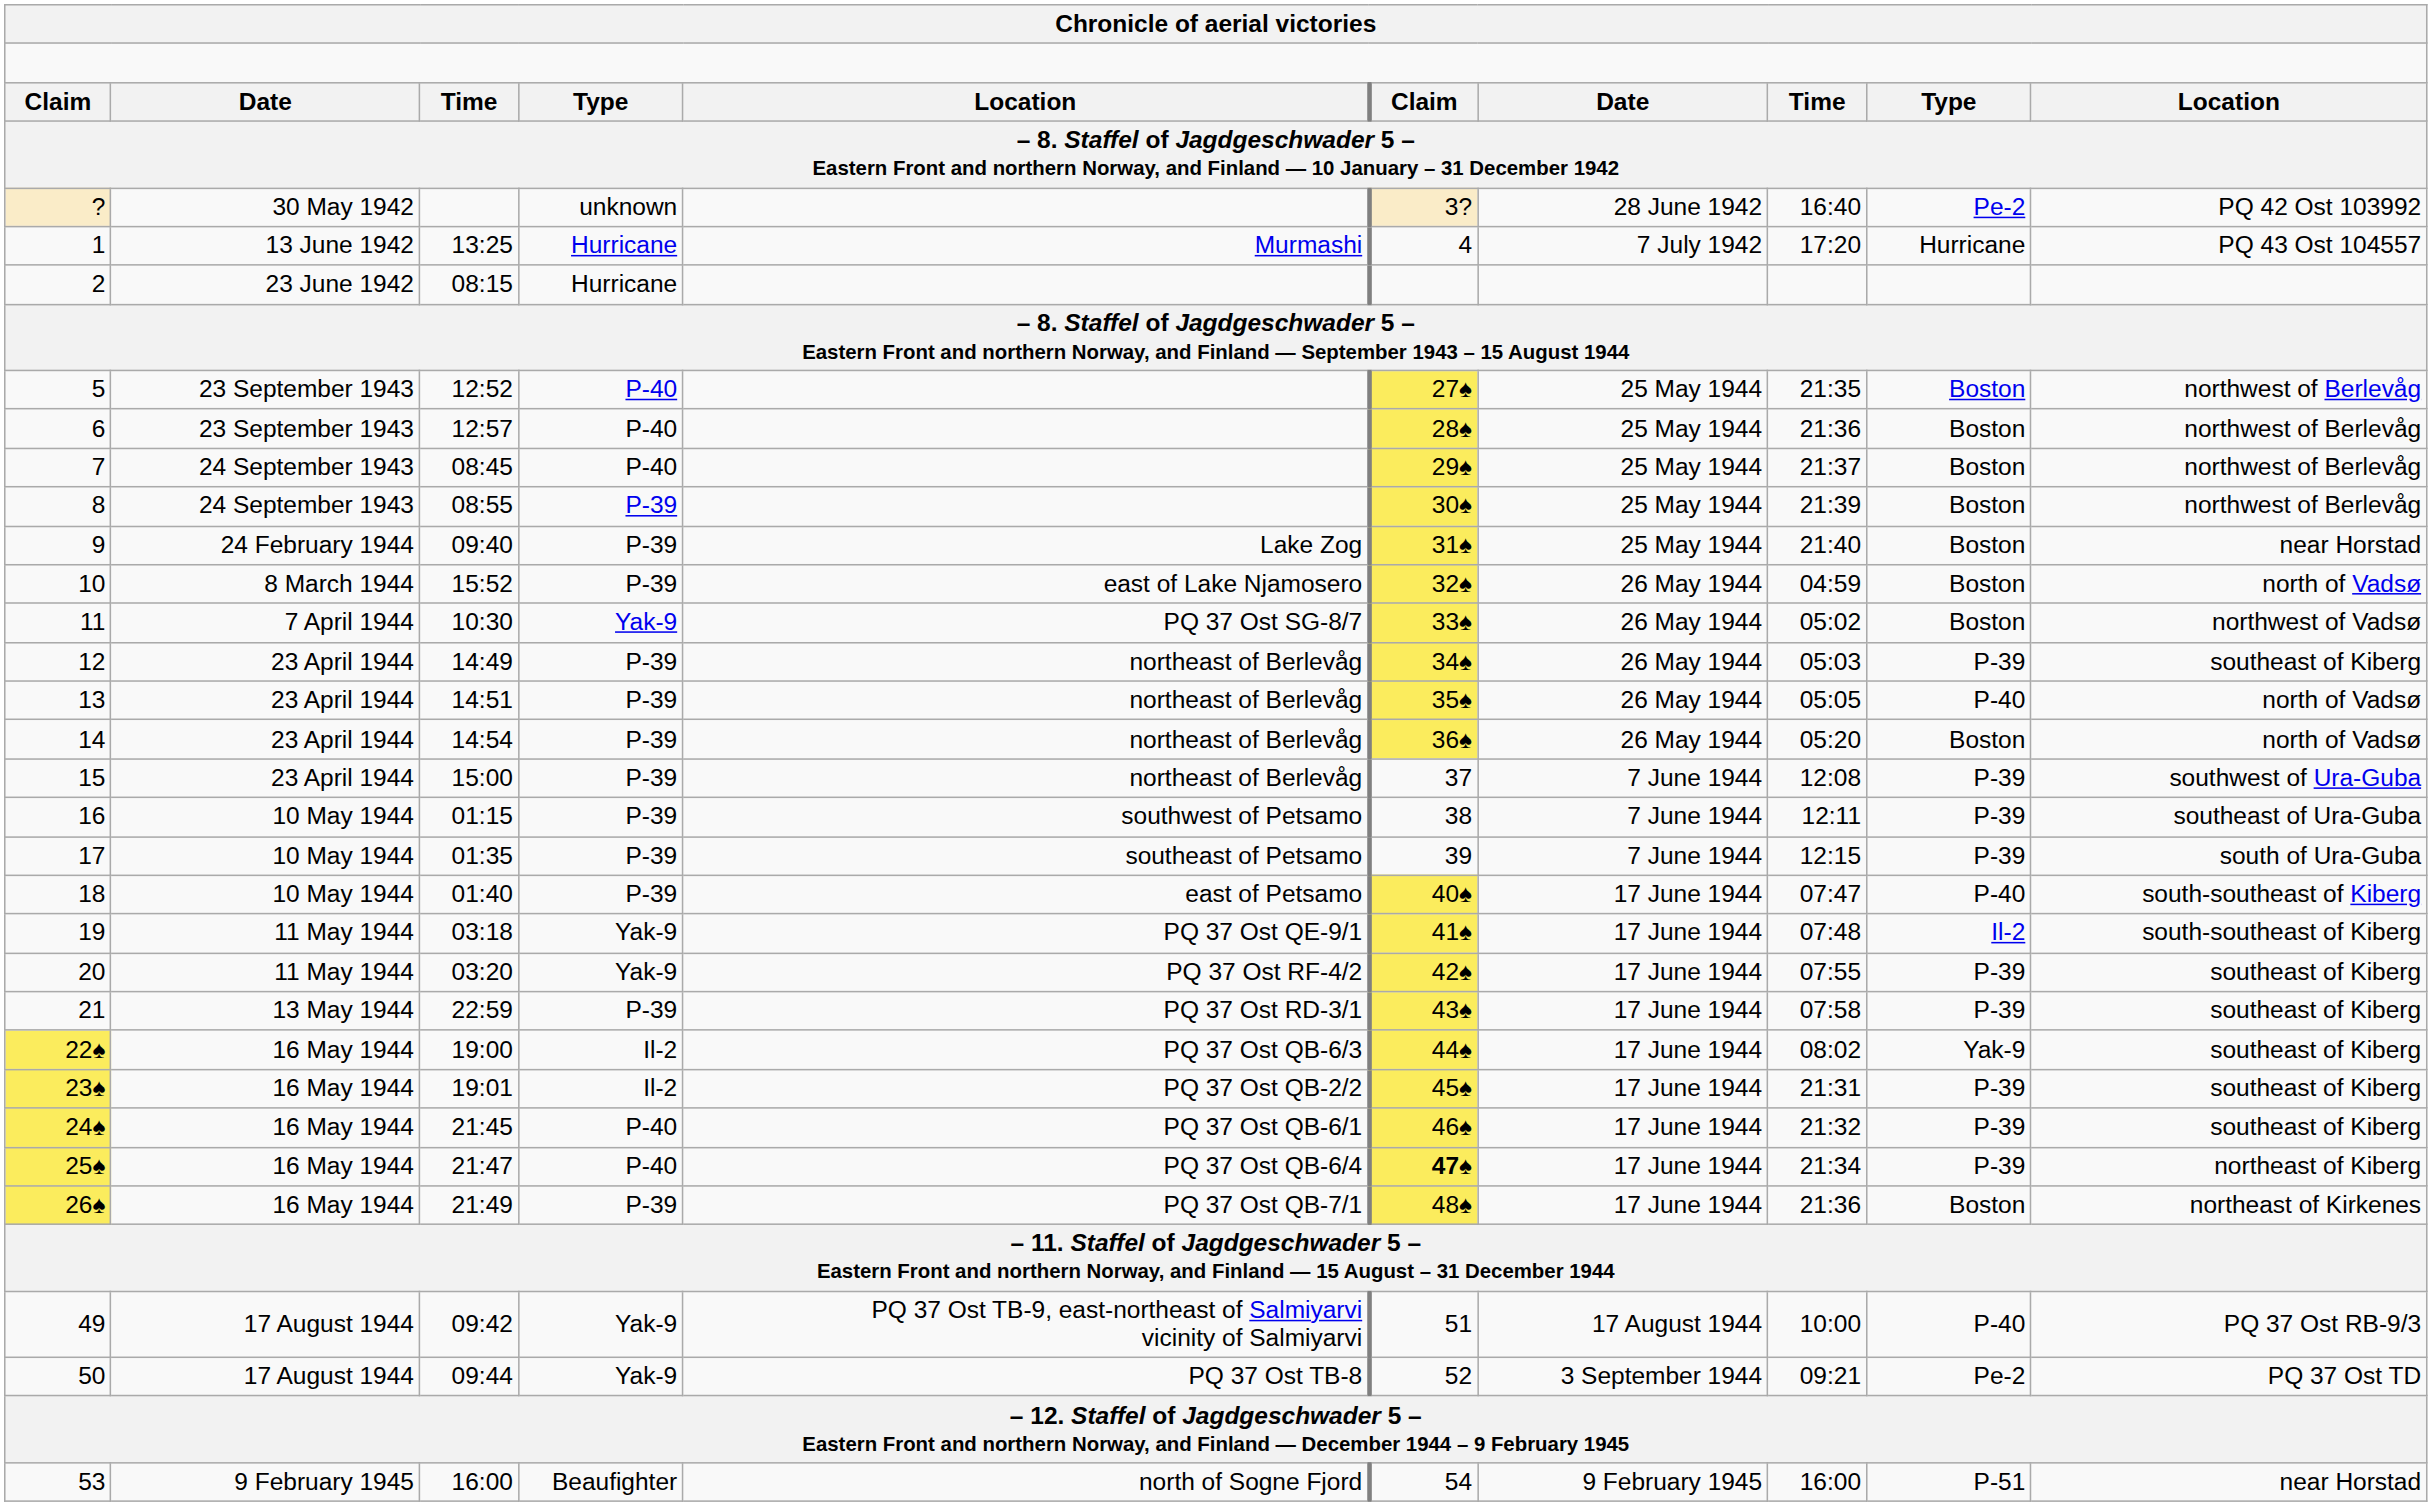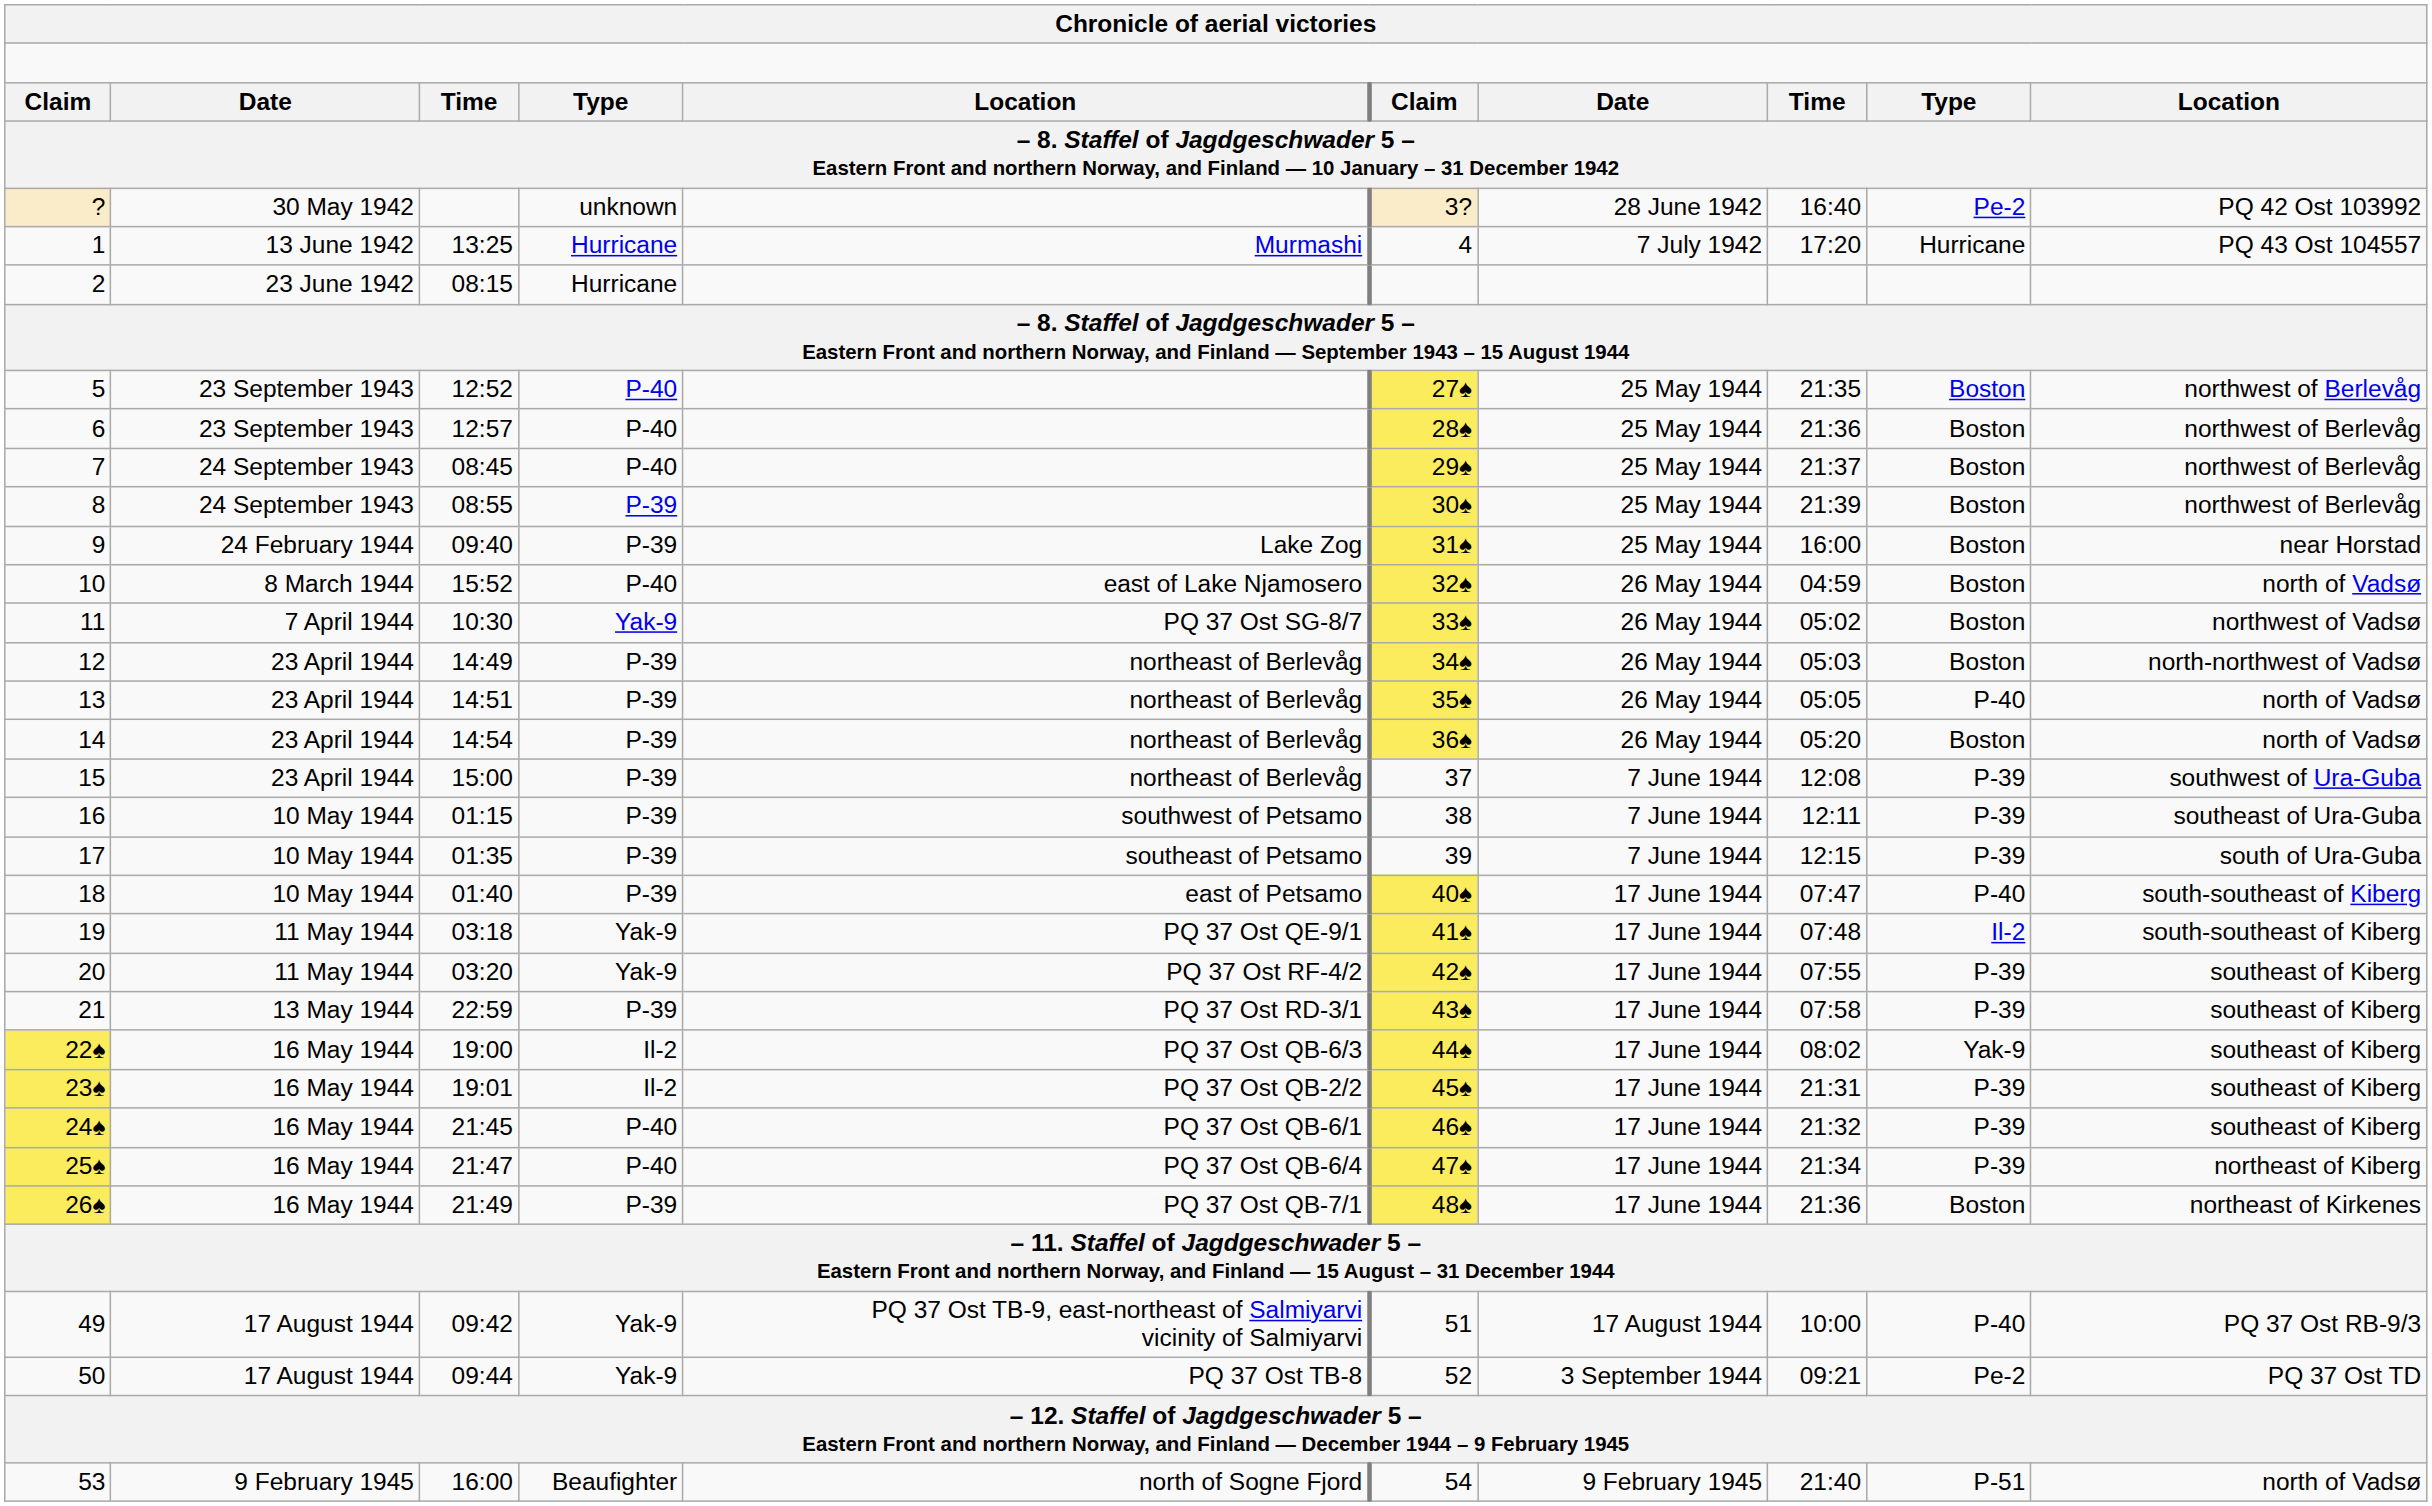 <table class="wikitable plainrowheaders collapsible" style="margin-left: auto; margin-right: auto; border: none; text-align:right; width: 100%;">
 <tr>
 <th colspan="10">Chronicle of aerial victories</th>
 </tr>
 <tr>
 <td colspan="10" style="text-align: left;"><br> </td>
 </tr>
 <tr>
 <th scope="col">Claim</th>
 <th scope="col">Date</th>
 <th scope="col">Time</th>
 <th scope="col" width="100px">Type</th>
 <th scope="col">Location</th>
 <th scope="col" style="border-left: 3px solid grey;">Claim</th>
 <th scope="col">Date</th>
 <th scope="col">Time</th>
 <th scope="col" width="100px">Type</th>
 <th scope="col">Location</th>
 </tr>
 <tr>
 <th colspan="10">– 8. <em>Staffel</em> of <em>Jagdgeschwader</em> 5 –<br><small>Eastern Front and northern Norway, and Finland — 10 January – 31 December 1942</small></th>
 </tr>
 <tr>
 <td style="background:#faecc8">?</td>
 <td>30 May 1942</td>
 <td></td>
 <td>unknown</td>
 <td></td>
 <td style="border-left: 3px solid gray; background:#faecc8">3?</td>
 <td>28 June 1942</td>
 <td>16:40</td>
 <td><a href='#'>Pe-2</a></td>
 <td>PQ 42 Ost 103992</td>
 </tr>
 <tr>
 <td>1</td>
 <td>13 June 1942</td>
 <td>13:25</td>
 <td><a href='#'>Hurricane</a></td>
 <td><a href='#'>Murmashi</a></td>
 <td style="border-left: 3px solid grey;">4</td>
 <td>7 July 1942</td>
 <td>17:20</td>
 <td>Hurricane</td>
 <td>PQ 43 Ost 104557</td>
 </tr>
 <tr>
 <td>2</td>
 <td>23 June 1942</td>
 <td>08:15</td>
 <td>Hurricane</td>
 <td></td>
 <td style="border-left: 3px solid grey;"></td>
 <td></td>
 <td></td>
 <td></td>
 <td></td>
 </tr>
 <tr>
 <th colspan="10">– 8. <em>Staffel</em> of <em>Jagdgeschwader</em> 5 –<br><small>Eastern Front and northern Norway, and Finland — September 1943 – 15 August 1944</small></th>
 </tr>
 <tr>
 <td>5</td>
 <td>23 September 1943</td>
 <td>12:52</td>
 <td><a href='#'>P-40</a></td>
 <td></td>
 <td style="border-left: 3px solid grey; background:#fbec5d;">27♠</td>
 <td>25 May 1944</td>
 <td>21:35</td>
 <td><a href='#'>Boston</a></td>
 <td>northwest of <a href='#'>Berlevåg</a></td>
 </tr>
 <tr>
 <td>6</td>
 <td>23 September 1943</td>
 <td>12:57</td>
 <td>P-40</td>
 <td></td>
 <td style="border-left: 3px solid grey; background:#fbec5d;">28♠</td>
 <td>25 May 1944</td>
 <td>21:36</td>
 <td>Boston</td>
 <td>northwest of Berlevåg</td>
 </tr>
 <tr>
 <td>7</td>
 <td>24 September 1943</td>
 <td>08:45</td>
 <td>P-40</td>
 <td></td>
 <td style="border-left: 3px solid grey; background:#fbec5d;">29♠</td>
 <td>25 May 1944</td>
 <td>21:37</td>
 <td>Boston</td>
 <td>northwest of Berlevåg</td>
 </tr>
 <tr>
 <td>8</td>
 <td>24 September 1943</td>
 <td>08:55</td>
 <td><a href='#'>P-39</a></td>
 <td></td>
 <td style="border-left: 3px solid grey; background:#fbec5d;">30♠</td>
 <td>25 May 1944</td>
 <td>21:39</td>
 <td>Boston</td>
 <td>northwest of Berlevåg</td>
 </tr>
 <tr>
 <td>9</td>
 <td>24 February 1944</td>
 <td>09:40</td>
 <td>P-39</td>
 <td>Lake Zog</td>
 <td style="border-left: 3px solid grey; background:#fbec5d;">31♠</td>
 <td>25 May 1944</td>
-<td>21:40</td>
+<td>16:00</td>
 <td>Boston</td>
 <td>near Horstad</td>
 </tr>
 <tr>
 <td>10</td>
 <td>8 March 1944</td>
 <td>15:52</td>
-<td>P-39</td>
+<td>P-40</td>
 <td>east of Lake Njamosero</td>
 <td style="border-left: 3px solid grey; background:#fbec5d;">32♠</td>
 <td>26 May 1944</td>
 <td>04:59</td>
 <td>Boston</td>
 <td>north of <a href='#'>Vadsø</a></td>
 </tr>
 <tr>
 <td>11</td>
 <td>7 April 1944</td>
 <td>10:30</td>
 <td><a href='#'>Yak-9</a></td>
 <td>PQ 37 Ost SG-8/7</td>
 <td style="border-left: 3px solid grey; background:#fbec5d;">33♠</td>
 <td>26 May 1944</td>
 <td>05:02</td>
 <td>Boston</td>
 <td>northwest of Vadsø</td>
 </tr>
 <tr>
 <td>12</td>
 <td>23 April 1944</td>
 <td>14:49</td>
 <td>P-39</td>
 <td>northeast of Berlevåg</td>
 <td style="border-left: 3px solid grey; background:#fbec5d;">34♠</td>
 <td>26 May 1944</td>
 <td>05:03</td>
-<td>P-39</td>
-<td>southeast of Kiberg</td>
+<td>Boston</td>
+<td>north-northwest of Vadsø</td>
 </tr>
 <tr>
 <td>13</td>
 <td>23 April 1944</td>
 <td>14:51</td>
 <td>P-39</td>
 <td>northeast of Berlevåg</td>
 <td style="border-left: 3px solid grey; background:#fbec5d;">35♠</td>
 <td>26 May 1944</td>
 <td>05:05</td>
 <td>P-40</td>
 <td>north of Vadsø</td>
 </tr>
 <tr>
 <td>14</td>
 <td>23 April 1944</td>
 <td>14:54</td>
 <td>P-39</td>
 <td>northeast of Berlevåg</td>
 <td style="border-left: 3px solid grey; background:#fbec5d;">36♠</td>
 <td>26 May 1944</td>
 <td>05:20</td>
 <td>Boston</td>
 <td>north of Vadsø</td>
 </tr>
 <tr>
 <td>15</td>
 <td>23 April 1944</td>
 <td>15:00</td>
 <td>P-39</td>
 <td>northeast of Berlevåg</td>
 <td style="border-left: 3px solid grey;">37</td>
 <td>7 June 1944</td>
 <td>12:08</td>
 <td>P-39</td>
 <td>southwest of <a href='#'>Ura-Guba</a></td>
 </tr>
 <tr>
 <td>16</td>
 <td>10 May 1944</td>
 <td>01:15</td>
 <td>P-39</td>
 <td> southwest of Petsamo</td>
 <td style="border-left: 3px solid grey;">38</td>
 <td>7 June 1944</td>
 <td>12:11</td>
 <td>P-39</td>
 <td>southeast of Ura-Guba</td>
 </tr>
 <tr>
 <td>17</td>
 <td>10 May 1944</td>
 <td>01:35</td>
 <td>P-39</td>
 <td> southeast of Petsamo</td>
 <td style="border-left: 3px solid grey;">39</td>
 <td>7 June 1944</td>
 <td>12:15</td>
 <td>P-39</td>
 <td>south of Ura-Guba</td>
 </tr>
 <tr>
 <td>18</td>
 <td>10 May 1944</td>
 <td>01:40</td>
 <td>P-39</td>
 <td> east of Petsamo</td>
 <td style="border-left: 3px solid grey; background:#fbec5d;">40♠</td>
 <td>17 June 1944</td>
 <td>07:47</td>
 <td>P-40</td>
 <td>south-southeast of <a href='#'>Kiberg</a></td>
 </tr>
 <tr>
 <td>19</td>
 <td>11 May 1944</td>
 <td>03:18</td>
 <td>Yak-9</td>
 <td>PQ 37 Ost QE-9/1</td>
 <td style="border-left: 3px solid grey; background:#fbec5d;">41♠</td>
 <td>17 June 1944</td>
 <td>07:48</td>
 <td><a href='#'>Il-2</a></td>
 <td>south-southeast of Kiberg</td>
 </tr>
 <tr>
 <td>20</td>
 <td>11 May 1944</td>
 <td>03:20</td>
 <td>Yak-9</td>
 <td>PQ 37 Ost RF-4/2</td>
 <td style="border-left: 3px solid grey; background:#fbec5d;">42♠</td>
 <td>17 June 1944</td>
 <td>07:55</td>
 <td>P-39</td>
 <td>southeast of Kiberg</td>
 </tr>
 <tr>
 <td>21</td>
 <td>13 May 1944</td>
 <td>22:59</td>
 <td>P-39</td>
 <td>PQ 37 Ost RD-3/1</td>
 <td style="border-left: 3px solid grey; background:#fbec5d;">43♠</td>
 <td>17 June 1944</td>
 <td>07:58</td>
 <td>P-39</td>
 <td>southeast of Kiberg</td>
 </tr>
 <tr>
 <td style="background:#fbec5d;">22♠</td>
 <td>16 May 1944</td>
 <td>19:00</td>
 <td>Il-2</td>
 <td>PQ 37 Ost QB-6/3</td>
 <td style="border-left: 3px solid grey; background:#fbec5d;">44♠</td>
 <td>17 June 1944</td>
 <td>08:02</td>
 <td>Yak-9</td>
 <td>southeast of Kiberg</td>
 </tr>
 <tr>
 <td style="background:#fbec5d;">23♠</td>
 <td>16 May 1944</td>
 <td>19:01</td>
 <td>Il-2</td>
 <td>PQ 37 Ost QB-2/2</td>
 <td style="border-left: 3px solid grey; background:#fbec5d;">45♠</td>
 <td>17 June 1944</td>
 <td>21:31</td>
 <td>P-39</td>
 <td>southeast of Kiberg</td>
 </tr>
 <tr>
 <td style="background:#fbec5d;">24♠</td>
 <td>16 May 1944</td>
 <td>21:45</td>
 <td>P-40</td>
 <td>PQ 37 Ost QB-6/1</td>
 <td style="border-left: 3px solid grey; background:#fbec5d;">46♠</td>
 <td>17 June 1944</td>
 <td>21:32</td>
 <td>P-39</td>
 <td>southeast of Kiberg</td>
 </tr>
 <tr>
 <td style="background:#fbec5d;">25♠</td>
 <td>16 May 1944</td>
 <td>21:47</td>
 <td>P-40</td>
 <td>PQ 37 Ost QB-6/4</td>
-<td style="border-left: 3px solid grey; background:#fbec5d;"><strong>47♠</strong></td>
+<td style="border-left: 3px solid grey; background:#fbec5d;">47♠</td>
 <td>17 June 1944</td>
 <td>21:34</td>
 <td>P-39</td>
 <td>northeast of Kiberg</td>
 </tr>
 <tr>
 <td style="background:#fbec5d;">26♠</td>
 <td>16 May 1944</td>
 <td>21:49</td>
 <td>P-39</td>
 <td>PQ 37 Ost QB-7/1</td>
 <td style="border-left: 3px solid grey; background:#fbec5d;">48♠</td>
 <td>17 June 1944</td>
 <td>21:36</td>
 <td>Boston</td>
 <td>northeast of Kirkenes</td>
 </tr>
 <tr>
 <th colspan="12">– 11. <em>Staffel</em> of <em>Jagdgeschwader</em> 5 –<br><small>Eastern Front and northern Norway, and Finland — 15 August – 31 December 1944</small></th>
 </tr>
 <tr>
 <td>49</td>
 <td>17 August 1944</td>
 <td>09:42</td>
 <td>Yak-9</td>
 <td>PQ 37 Ost TB-9, east-northeast of <a href='#'>Salmiyarvi</a><br>vicinity of Salmiyarvi</td>
 <td style="border-left: 3px solid grey;">51</td>
 <td>17 August 1944</td>
 <td>10:00</td>
 <td>P-40</td>
 <td>PQ 37 Ost RB-9/3</td>
 </tr>
 <tr>
 <td>50</td>
 <td>17 August 1944</td>
 <td>09:44</td>
 <td>Yak-9</td>
 <td>PQ 37 Ost TB-8</td>
 <td style="border-left: 3px solid grey;">52</td>
 <td>3 September 1944</td>
 <td>09:21</td>
 <td>Pe-2</td>
 <td>PQ 37 Ost TD</td>
 </tr>
 <tr>
 <th colspan="12">– 12. <em>Staffel</em> of <em>Jagdgeschwader</em> 5 –<br><small>Eastern Front and northern Norway, and Finland — December 1944 – 9 February 1945</small></th>
 </tr>
 <tr>
 <td>53</td>
 <td>9 February 1945</td>
 <td>16:00</td>
 <td>Beaufighter</td>
 <td>north of Sogne Fjord</td>
 <td style="border-left: 3px solid grey;">54</td>
 <td>9 February 1945</td>
-<td>16:00</td>
+<td>21:40</td>
 <td>P-51</td>
-<td>near Horstad</td>
+<td>north of Vadsø</td>
 </tr>
 </table>
